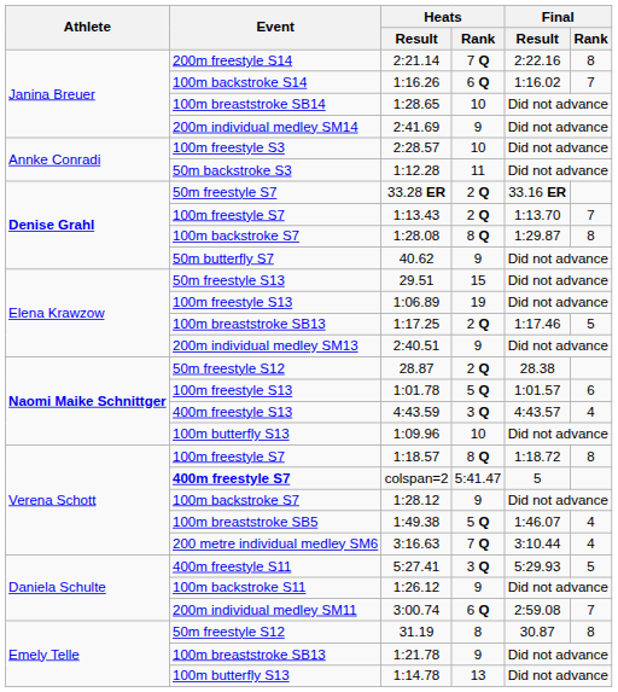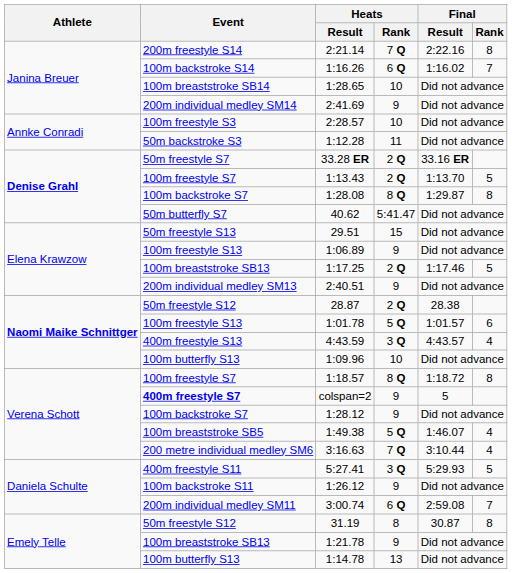 <table class=wikitable style="font-size:90%">
 <tr>
 <th rowspan="2">Athlete</th>
 <th rowspan="2">Event</th>
 <th colspan="2">Heats</th>
 <th colspan="2">Final</th>
 </tr>
 <tr>
 <th>Result</th>
 <th>Rank</th>
 <th>Result</th>
 <th>Rank</th>
 </tr>
 <tr align=center>
 <td align=left rowspan=4><a href='#'>Janina Breuer</a></td>
 <td align=left><a href='#'>200m freestyle S14</a></td>
 <td>2:21.14</td>
 <td>7 <strong>Q</strong></td>
 <td>2:22.16</td>
 <td>8</td>
 </tr>
 <tr align=center>
 <td align=left><a href='#'>100m backstroke S14</a></td>
 <td>1:16.26</td>
 <td>6 <strong>Q</strong></td>
 <td>1:16.02</td>
 <td>7</td>
 </tr>
 <tr align=center>
 <td align=left><a href='#'>100m breaststroke SB14</a></td>
 <td>1:28.65</td>
 <td>10</td>
 <td colspan=2>Did not advance</td>
 </tr>
 <tr align=center>
 <td align=left><a href='#'>200m individual medley SM14</a></td>
 <td>2:41.69</td>
 <td>9</td>
 <td colspan=2>Did not advance</td>
 </tr>
 <tr align=center>
 <td align=left rowspan=2><a href='#'>Annke Conradi</a></td>
 <td align=left><a href='#'>100m freestyle S3</a></td>
 <td>2:28.57</td>
 <td>10</td>
 <td colspan=2>Did not advance</td>
 </tr>
 <tr align=center>
 <td align=left><a href='#'>50m backstroke S3</a></td>
 <td>1:12.28</td>
 <td>11</td>
 <td colspan=2>Did not advance</td>
 </tr>
 <tr align=center>
 <td align=left rowspan=4><strong><a href='#'>Denise Grahl</a></strong></td>
 <td align=left><a href='#'>50m freestyle S7</a></td>
 <td>33.28 <strong>ER</strong></td>
 <td>2 <strong>Q</strong></td>
 <td>33.16 <strong>ER</strong></td>
 <td></td>
 </tr>
 <tr align=center>
 <td align=left><a href='#'>100m freestyle S7</a></td>
 <td>1:13.43</td>
 <td>2 <strong>Q</strong></td>
 <td>1:13.70</td>
-<td>7</td>
+<td>5</td>
 </tr>
 <tr align=center>
 <td align=left><a href='#'>100m backstroke S7</a></td>
 <td>1:28.08</td>
 <td>8 <strong>Q</strong></td>
 <td>1:29.87</td>
 <td>8</td>
 </tr>
 <tr align=center>
 <td align=left><a href='#'>50m butterfly S7</a></td>
 <td>40.62</td>
-<td>9</td>
+<td>5:41.47</td>
 <td colspan=2>Did not advance</td>
 </tr>
 <tr align=center>
 <td align=left rowspan=4><a href='#'>Elena Krawzow</a></td>
 <td align=left><a href='#'>50m freestyle S13</a></td>
 <td>29.51</td>
 <td>15</td>
 <td colspan=2>Did not advance</td>
 </tr>
 <tr align=center>
 <td align=left><a href='#'>100m freestyle S13</a></td>
 <td>1:06.89</td>
-<td>19</td>
+<td>9</td>
 <td colspan=2>Did not advance</td>
 </tr>
 <tr align=center>
 <td align=left><a href='#'>100m breaststroke SB13</a></td>
 <td>1:17.25</td>
 <td>2 <strong>Q</strong></td>
 <td>1:17.46</td>
 <td>5</td>
 </tr>
 <tr align=center>
 <td align=left><a href='#'>200m individual medley SM13</a></td>
 <td>2:40.51</td>
 <td>9</td>
 <td colspan=2>Did not advance</td>
 </tr>
 <tr align=center>
 <td align=left rowspan=4><strong><a href='#'>Naomi Maike Schnittger</a></strong></td>
 <td align=left><a href='#'>50m freestyle S12</a></td>
 <td>28.87</td>
 <td>2 <strong>Q</strong></td>
 <td>28.38</td>
 <td></td>
 </tr>
 <tr align=center>
 <td align=left><a href='#'>100m freestyle S13</a></td>
 <td>1:01.78</td>
 <td>5 <strong>Q</strong></td>
 <td>1:01.57</td>
 <td>6</td>
 </tr>
 <tr align=center>
 <td align=left><a href='#'>400m freestyle S13</a></td>
 <td>4:43.59</td>
 <td>3 <strong>Q</strong></td>
 <td>4:43.57</td>
 <td>4</td>
 </tr>
 <tr align=center>
 <td align=left><a href='#'>100m butterfly S13</a></td>
 <td>1:09.96</td>
 <td>10</td>
 <td colspan=2>Did not advance</td>
 </tr>
 <tr align=center>
 <td align=left rowspan=5><a href='#'>Verena Schott</a></td>
 <td align=left><a href='#'>100m freestyle S7</a></td>
 <td>1:18.57</td>
 <td>8 <strong>Q</strong></td>
 <td>1:18.72</td>
 <td>8</td>
 </tr>
 <tr align=center>
 <td align=left><strong><a href='#'>400m freestyle S7</a></strong></td>
 <td>colspan=2</td>
-<td>5:41.47</td>
+<td>9</td>
 <td>5</td>
 </tr>
 <tr align=center>
 <td align=left><a href='#'>100m backstroke S7</a></td>
 <td>1:28.12</td>
 <td>9</td>
 <td colspan=2>Did not advance</td>
 </tr>
 <tr align=center>
 <td align=left><a href='#'>100m breaststroke SB5</a></td>
 <td>1:49.38</td>
 <td>5 <strong>Q</strong></td>
 <td>1:46.07</td>
 <td>4</td>
 </tr>
 <tr align=center>
 <td align=left><a href='#'>200 metre individual medley SM6</a></td>
 <td>3:16.63</td>
 <td>7 <strong>Q</strong></td>
 <td>3:10.44</td>
 <td>4</td>
 </tr>
 <tr align=center>
 <td align=left rowspan=3><a href='#'>Daniela Schulte</a></td>
 <td align=left><a href='#'>400m freestyle S11</a></td>
 <td>5:27.41</td>
 <td>3 <strong>Q</strong></td>
 <td>5:29.93</td>
 <td>5</td>
 </tr>
 <tr align=center>
 <td align=left><a href='#'>100m backstroke S11</a></td>
 <td>1:26.12</td>
 <td>9</td>
 <td colspan=2>Did not advance</td>
 </tr>
 <tr align=center>
 <td align=left><a href='#'>200m individual medley SM11</a></td>
 <td>3:00.74</td>
 <td>6 <strong>Q</strong></td>
 <td>2:59.08</td>
 <td>7</td>
 </tr>
 <tr align=center>
 <td align=left rowspan=3><a href='#'>Emely Telle</a></td>
 <td align=left><a href='#'>50m freestyle S12</a></td>
 <td>31.19</td>
 <td>8</td>
 <td>30.87</td>
 <td>8</td>
 </tr>
 <tr align=center>
 <td align=left><a href='#'>100m breaststroke SB13</a></td>
 <td>1:21.78</td>
 <td>9</td>
 <td colspan=2>Did not advance</td>
 </tr>
 <tr align=center>
 <td align=left><a href='#'>100m butterfly S13</a></td>
 <td>1:14.78</td>
 <td>13</td>
 <td colspan=2>Did not advance</td>
 </tr>
 </table>
